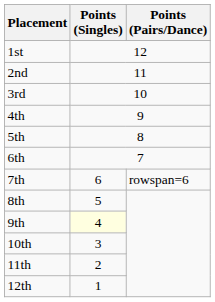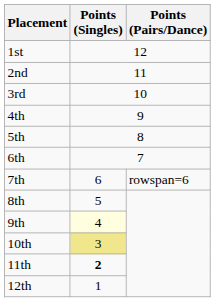 <table class="wikitable">
 <tr>
 <th>Placement</th>
 <th>Points<br>(Singles)</th>
 <th>Points<br>(Pairs/Dance)</th>
 </tr>
 <tr>
 <td>1st</td>
 <td align="center" colspan=2>12</td>
 </tr>
 <tr>
 <td>2nd</td>
 <td align="center" colspan=2>11</td>
 </tr>
 <tr>
 <td>3rd</td>
 <td align="center" colspan=2>10</td>
 </tr>
 <tr>
 <td>4th</td>
 <td align="center" colspan=2>9</td>
 </tr>
 <tr>
 <td>5th</td>
 <td align="center" colspan=2>8</td>
 </tr>
 <tr>
 <td>6th</td>
 <td align="center" colspan=2>7</td>
 </tr>
 <tr>
 <td>7th</td>
 <td align="center">6</td>
 <td>rowspan=6 </td>
 </tr>
 <tr>
 <td>8th</td>
 <td align="center">5</td>
 </tr>
 <tr>
 <td>9th</td>
 <td align="center" style="background: lightyellow;">4</td>
 </tr>
 <tr>
 <td>10th</td>
-<td align="center">3</td>
+<td align="center" style="background: khaki;">3</td>
 </tr>
 <tr>
 <td>11th</td>
-<td align="center">2</td>
+<td align="center"><strong>2</strong></td>
 </tr>
 <tr>
 <td>12th</td>
 <td align="center">1</td>
 </tr>
 </table>
